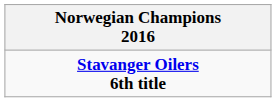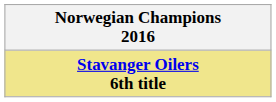 <table class="wikitable" style="text-align: center; margin: 0 auto; width: 20%">
 <tr>
 <th>Norwegian Champions<br>2016</th>
 </tr>
 <tr>
-<td><strong><a href='#'>Stavanger Oilers</a></strong><br><strong>6th title</strong></td>
+<td style="background: khaki;"><strong><a href='#'>Stavanger Oilers</a></strong><br><strong>6th title</strong></td>
 </tr>
 </table>
